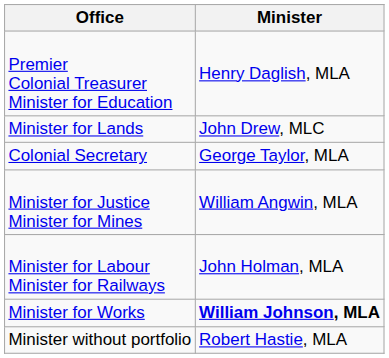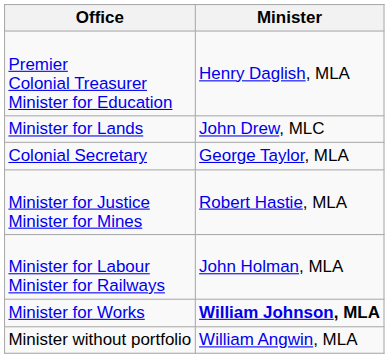 <table class="wikitable">
 <tr>
 <th>Office</th>
 <th>Minister</th>
 </tr>
 <tr>
 <td><br><a href='#'>Premier</a><br> <a href='#'>Colonial Treasurer</a><br> <a href='#'>Minister for Education</a></td>
 <td><a href='#'>Henry Daglish</a>, MLA</td>
 </tr>
 <tr>
 <td><a href='#'>Minister for Lands</a></td>
 <td><a href='#'>John Drew</a>, MLC</td>
 </tr>
 <tr>
 <td><a href='#'>Colonial Secretary</a></td>
 <td><a href='#'>George Taylor</a>, MLA</td>
 </tr>
 <tr>
 <td><br><a href='#'>Minister for Justice</a><br> <a href='#'>Minister for Mines</a></td>
-<td><a href='#'>William Angwin</a>, MLA</td>
+<td><a href='#'>Robert Hastie</a>, MLA</td>
 </tr>
 <tr>
 <td><br><a href='#'>Minister for Labour</a><br> <a href='#'>Minister for Railways</a></td>
 <td><a href='#'>John Holman</a>, MLA</td>
 </tr>
 <tr>
 <td><a href='#'>Minister for Works</a></td>
 <td><strong><a href='#'>William Johnson</a>, MLA</strong></td>
 </tr>
 <tr>
 <td>Minister without portfolio</td>
-<td><a href='#'>Robert Hastie</a>, MLA</td>
+<td><a href='#'>William Angwin</a>, MLA</td>
 </tr>
 </table>
